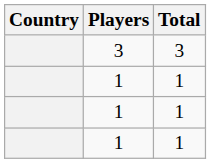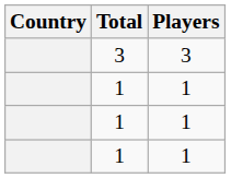 <table class="sortable wikitable plainrowheaders" style="text-align:center;">
 <tr>
 <th scope="col">Country</th>
+<th scope="col">Total</th>
 <th scope="col">Players</th>
-<th scope="col">Total</th>
 </tr>
 <tr>
 <th scope="row"></th>
 <td>3</td>
 <td>3</td>
 </tr>
 <tr>
 <th scope="row"></th>
 <td>1</td>
 <td>1</td>
 </tr>
 <tr>
 <th scope="row"></th>
 <td>1</td>
 <td>1</td>
 </tr>
 <tr>
 <th scope="row"></th>
 <td>1</td>
 <td>1</td>
 </tr>
 </table>
